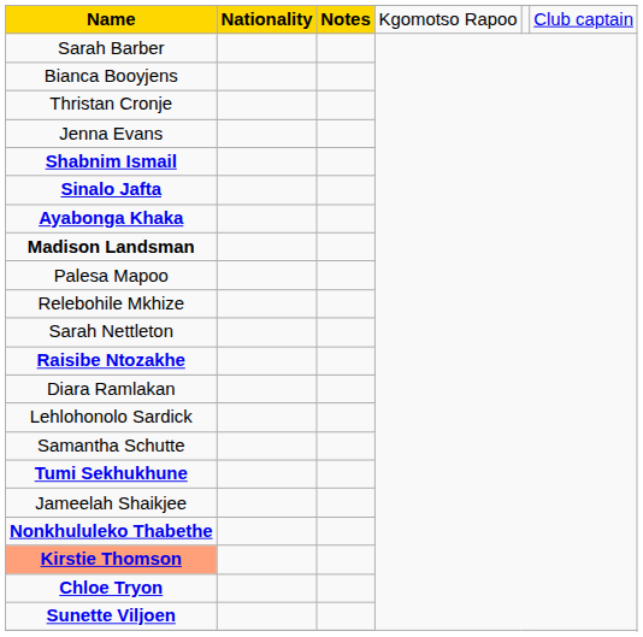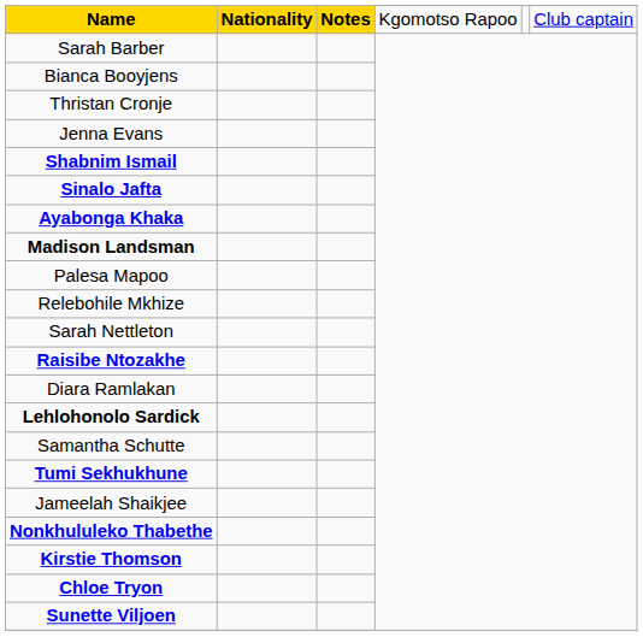 <table class="wikitable sortable">
 <tr>
 <th style="background:#FFD700; color:black" scope="col" rowspan="2">Name</th>
 <th style="background:#FFD700; color:black" scope="col" rowspan="2">Nationality</th>
 <th style="background:#FFD700; color:black" scope="col" rowspan="2">Notes</th>
 </tr>
 <tr>
 <td style="text-align:center">Kgomotso Rapoo</td>
 <td></td>
 <td><a href='#'>Club captain</a></td>
 </tr>
 <tr>
 <td style="text-align:center">Sarah Barber</td>
 <td></td>
 <td></td>
 </tr>
 <tr>
 <td style="text-align:center">Bianca Booyjens</td>
 <td></td>
 <td></td>
 </tr>
 <tr>
 <td style="text-align:center">Thristan Cronje</td>
 <td></td>
 <td></td>
 </tr>
 <tr>
 <td style="text-align:center">Jenna Evans</td>
 <td></td>
 <td></td>
 </tr>
 <tr>
 <td style="text-align:center"><strong><a href='#'>Shabnim Ismail</a></strong></td>
 <td></td>
 <td></td>
 </tr>
 <tr>
 <td style="text-align:center"><strong><a href='#'>Sinalo Jafta</a></strong></td>
 <td></td>
 <td></td>
 </tr>
 <tr>
 <td style="text-align:center"><strong><a href='#'>Ayabonga Khaka</a></strong></td>
 <td></td>
 <td></td>
 </tr>
 <tr>
 <td style="text-align:center"><strong>Madison Landsman</strong></td>
 <td></td>
 <td></td>
 </tr>
 <tr>
 <td style="text-align:center">Palesa Mapoo</td>
 <td></td>
 <td></td>
 </tr>
 <tr>
 <td style="text-align:center">Relebohile Mkhize</td>
 <td></td>
 <td></td>
 </tr>
 <tr>
 <td style="text-align:center">Sarah Nettleton</td>
 <td></td>
 <td></td>
 </tr>
 <tr>
 <td style="text-align:center"><strong><a href='#'>Raisibe Ntozakhe</a></strong></td>
 <td></td>
 <td></td>
 </tr>
 <tr>
 <td style="text-align:center">Diara Ramlakan</td>
 <td></td>
 <td></td>
 </tr>
 <tr>
-<td style="text-align:center">Lehlohonolo Sardick</td>
+<td style="text-align:center"><strong>Lehlohonolo Sardick</strong></td>
 <td></td>
 <td></td>
 </tr>
 <tr>
 <td style="text-align:center">Samantha Schutte</td>
 <td></td>
 <td></td>
 </tr>
 <tr>
 <td style="text-align:center"><strong><a href='#'>Tumi Sekhukhune</a></strong></td>
 <td></td>
 <td></td>
 </tr>
 <tr>
 <td style="text-align:center">Jameelah Shaikjee</td>
 <td></td>
 <td></td>
 </tr>
 <tr>
 <td style="text-align:center"><strong><a href='#'>Nonkhululeko Thabethe</a></strong></td>
 <td></td>
 <td></td>
 </tr>
 <tr>
-<td style="background: lightsalmon; text-align:center"><strong><a href='#'>Kirstie Thomson</a></strong></td>
+<td style="text-align:center"><strong><a href='#'>Kirstie Thomson</a></strong></td>
 <td></td>
 <td></td>
 </tr>
 <tr>
 <td style="text-align:center"><strong><a href='#'>Chloe Tryon</a></strong></td>
 <td></td>
 <td></td>
 </tr>
 <tr>
 <td style="text-align:center"><strong><a href='#'>Sunette Viljoen</a></strong></td>
 <td></td>
 <td></td>
 </tr>
 <tr>
 </tr>
 </table>
